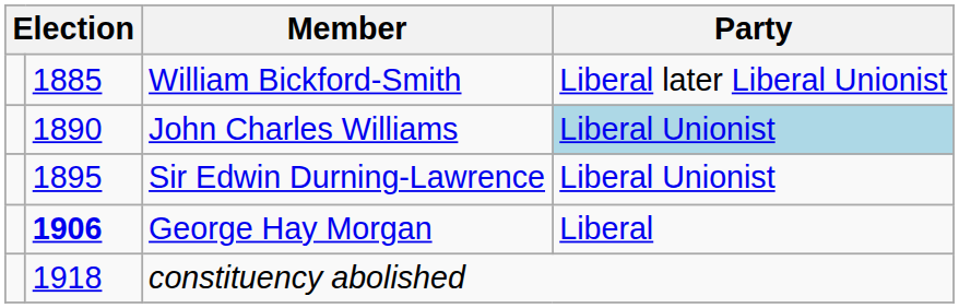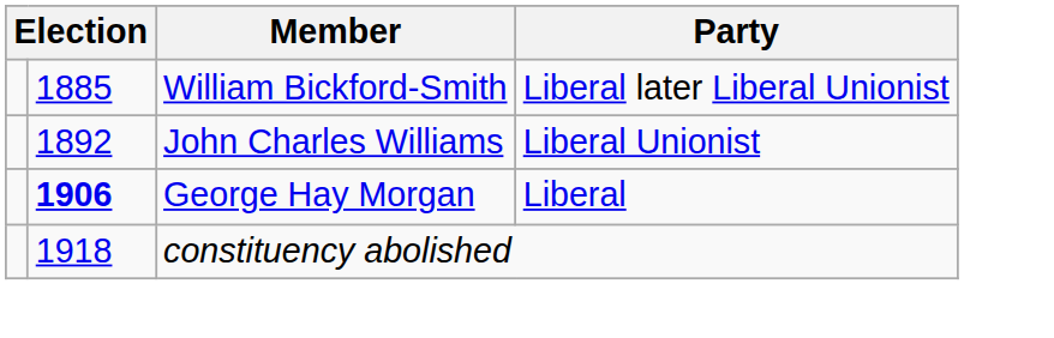 <table class="wikitable">
 <tr>
 <th colspan="2">Election</th>
 <th>Member</th>
 <th>Party</th>
 </tr>
 <tr>
 <td style="color:inherit;background-color: "></td>
 <td><a href='#'>1885</a></td>
 <td><a href='#'>William Bickford-Smith</a></td>
 <td><a href='#'>Liberal</a> later <a href='#'>Liberal Unionist</a></td>
 </tr>
 <tr>
 <td style="color:inherit;background-color: "></td>
-<td><a href='#'>1890</a></td>
+<td><a href='#'>1892</a></td>
 <td><a href='#'>John Charles Williams</a></td>
-<td style="background: lightblue;"><a href='#'>Liberal Unionist</a></td>
-</tr>
-<tr>
-<td style="color:inherit;background-color: "></td>
-<td><a href='#'>1895</a></td>
-<td><a href='#'>Sir Edwin Durning-Lawrence</a></td>
 <td><a href='#'>Liberal Unionist</a></td>
 </tr>
 <tr>
 <td style="color:inherit;background-color: "></td>
 <td><strong><a href='#'>1906</a></strong></td>
 <td><a href='#'>George Hay Morgan</a></td>
 <td><a href='#'>Liberal</a></td>
 </tr>
 <tr>
 <td></td>
 <td><a href='#'>1918</a></td>
 <td colspan="2"><em>constituency abolished</em></td>
 </tr>
 </table>
